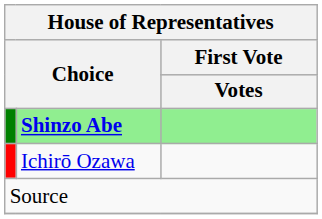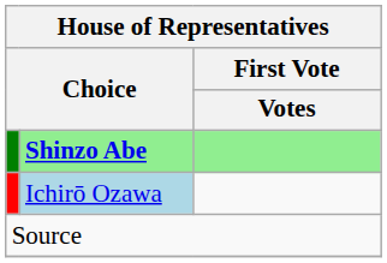 <table class="wikitable" style="font-size:90%;">
 <tr>
 <th colspan="4">House of Representatives</th>
 </tr>
 <tr>
 <th align="left" rowspan="2" colspan="2" width="100">Choice</th>
 <th colspan="2">First Vote</th>
 </tr>
 <tr>
 <th width="100">Votes</th>
 </tr>
 <tr style="background:lightgreen;">
 <td width="1" bgcolor="green"></td>
 <td align="left"><strong><a href='#'>Shinzo Abe</a></strong></td>
 <td></td>
 </tr>
 <tr>
 <td bgcolor="red"></td>
-<td align="left"><a href='#'>Ichirō Ozawa</a></td>
+<td align="left" style="background: lightblue;"><a href='#'>Ichirō Ozawa</a></td>
 <td></td>
 </tr>
 <tr>
 <td colspan=3>Source</td>
 </tr>
 <tr>
 </tr>
 </table>
